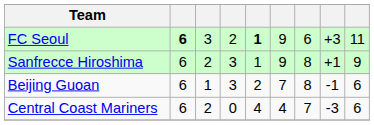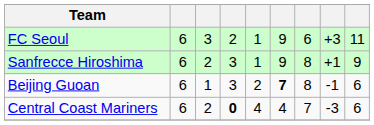 <table class="wikitable" style="text-align: center;">
 <tr>
 </tr>
 <tr>
 <th width=175>Team</th>
 <th width=20></th>
 <th width=20></th>
 <th width=20></th>
 <th width=20></th>
 <th width=20></th>
 <th width=20></th>
 <th width=20></th>
 <th width=20></th>
 </tr>
 <tr bgcolor=#ccffcc>
 <td align=left> <a href='#'>FC Seoul</a></td>
-<td><strong>6</strong></td>
+<td>6</td>
 <td>3</td>
 <td>2</td>
-<td><strong>1</strong></td>
+<td>1</td>
 <td>9</td>
 <td>6</td>
 <td>+3</td>
 <td>11</td>
 </tr>
 <tr bgcolor=#ccffcc>
 <td align=left> <a href='#'>Sanfrecce Hiroshima</a></td>
 <td>6</td>
 <td>2</td>
 <td>3</td>
 <td>1</td>
 <td>9</td>
 <td>8</td>
 <td>+1</td>
 <td>9</td>
 </tr>
 <tr bgcolor=>
 <td align=left> <a href='#'>Beijing Guoan</a></td>
 <td>6</td>
 <td>1</td>
 <td>3</td>
 <td>2</td>
-<td>7</td>
+<td><strong>7</strong></td>
 <td>8</td>
 <td>-1</td>
 <td>6</td>
 </tr>
 <tr bgcolor=>
 <td align=left> <a href='#'>Central Coast Mariners</a></td>
 <td>6</td>
 <td>2</td>
-<td>0</td>
+<td><strong>0</strong></td>
 <td>4</td>
 <td>4</td>
 <td>7</td>
 <td>-3</td>
 <td>6</td>
 </tr>
 <tr>
 </tr>
 </table>
